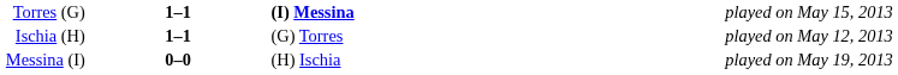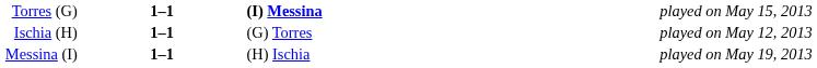 <table width="100%" cellspacing="1">
 <tr>
 <th width="30%"></th>
 <th width="12%"></th>
 <th width="30%"></th>
 <th width="30%'"></th>
 <th></th>
 </tr>
 <tr style="font-size:90%;">
 <td align="right"><a href='#'>Torres</a> (G)</td>
 <td align="center"><strong>1–1</strong></td>
 <td align="left"><strong>(I) <a href='#'>Messina</a></strong></td>
 <td align="left"><em>played on May 15, 2013</em></td>
 </tr>
 <tr style="font-size:90%;">
 <td align="right"><a href='#'>Ischia</a> (H)</td>
 <td align="center"><strong>1–1</strong></td>
 <td align="left">(G) <a href='#'>Torres</a></td>
 <td align="left"><em>played on May 12, 2013</em></td>
 </tr>
 <tr style="font-size:90%;">
 <td align="right"><a href='#'>Messina</a> (I)</td>
-<td align="center"><strong>0–0</strong></td>
+<td align="center"><strong>1–1</strong></td>
 <td align="left">(H) <a href='#'>Ischia</a></td>
 <td align="left"><em>played on May 19, 2013</em></td>
 </tr>
 </table>
